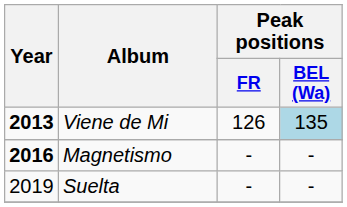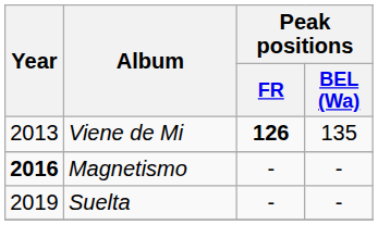 <table class="wikitable">
 <tr>
 <th align="center" rowspan="2" width="10">Year</th>
 <th align="center" rowspan="2" width="120">Album</th>
 <th align="center" colspan="2" width="20">Peak positions</th>
 </tr>
 <tr>
 <th scope="col" style="width:3em;font-size:90%;"><a href='#'>FR</a><br></th>
 <th scope="col" style="width:3em;font-size:90%;"><a href='#'>BEL<br>(Wa)</a><br></th>
 </tr>
 <tr>
-<td style="text-align:center;"><strong>2013</strong></td>
+<td style="text-align:center;">2013</td>
 <td><em>Viene de Mi</em></td>
-<td style="text-align:center;">126</td>
-<td style="background: lightblue; text-align:center;">135</td>
+<td style="text-align:center;"><strong>126</strong></td>
+<td style="text-align:center;">135</td>
 </tr>
 <tr>
 </tr>
 <tr>
 <td style="text-align:center;"><strong>2016</strong></td>
 <td><em>Magnetismo</em></td>
 <td style="text-align:center;">-</td>
 <td style="text-align:center;">-</td>
 </tr>
 <tr>
 <td style="text-align:center;">2019</td>
 <td><em>Suelta</em></td>
 <td style="text-align:center;">-</td>
 <td style="text-align:center;">-</td>
 </tr>
 <tr>
 </tr>
 </table>
